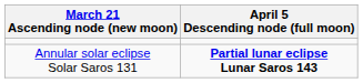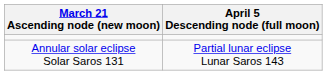 <table class="wikitable">
 <tr>
 <th><a href='#'>March 21</a><br>Ascending node (new moon)<br></th>
 <th>April 5<br>Descending node (full moon)<br></th>
 </tr>
 <tr>
 <td></td>
 <td></td>
 </tr>
 <tr align=center>
 <td><a href='#'>Annular solar eclipse</a><br>Solar Saros 131</td>
-<td><strong><a href='#'>Partial lunar eclipse</a><br>Lunar Saros 143</strong></td>
+<td><a href='#'>Partial lunar eclipse</a><br>Lunar Saros 143</td>
 </tr>
 </table>
